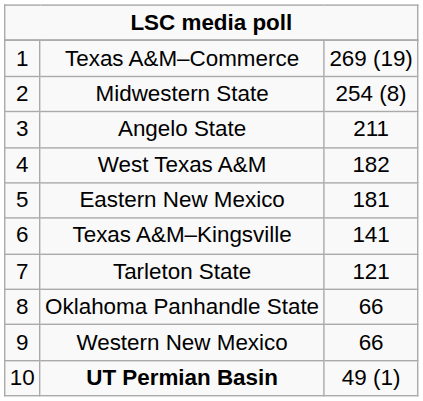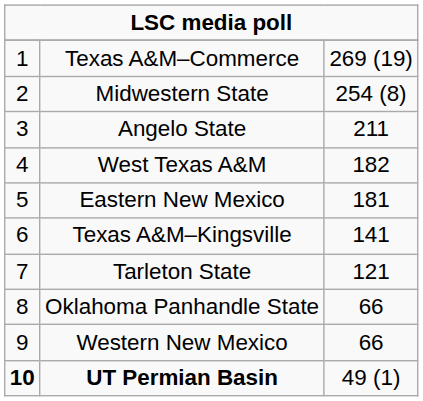 <table class="wikitable" style="display: inline-table;">
 <tr>
 <td align="center" Colspan="3"><strong>LSC media poll</strong></td>
 </tr>
 <tr align="center">
 </tr>
 <tr align="center">
 <td>1</td>
 <td>Texas A&M–Commerce</td>
 <td>269 (19)</td>
 </tr>
 <tr align="center">
 <td>2</td>
 <td>Midwestern State</td>
 <td>254 (8)</td>
 </tr>
 <tr align="center">
 <td>3</td>
 <td>Angelo State</td>
 <td>211</td>
 </tr>
 <tr align="center">
 <td>4</td>
 <td>West Texas A&M</td>
 <td>182</td>
 </tr>
 <tr align="center">
 <td>5</td>
 <td>Eastern New Mexico</td>
 <td>181</td>
 </tr>
 <tr align="center">
 <td>6</td>
 <td>Texas A&M–Kingsville</td>
 <td>141</td>
 </tr>
 <tr align="center">
 <td>7</td>
 <td>Tarleton State</td>
 <td>121</td>
 </tr>
 <tr align="center">
 <td>8</td>
 <td>Oklahoma Panhandle State</td>
 <td>66</td>
 </tr>
 <tr align="center">
 <td>9</td>
 <td>Western New Mexico</td>
 <td>66</td>
 </tr>
 <tr align="center">
-<td>10</td>
+<td><strong>10</strong></td>
 <td><strong>UT Permian Basin</strong></td>
 <td>49 (1)</td>
 </tr>
 </table>
